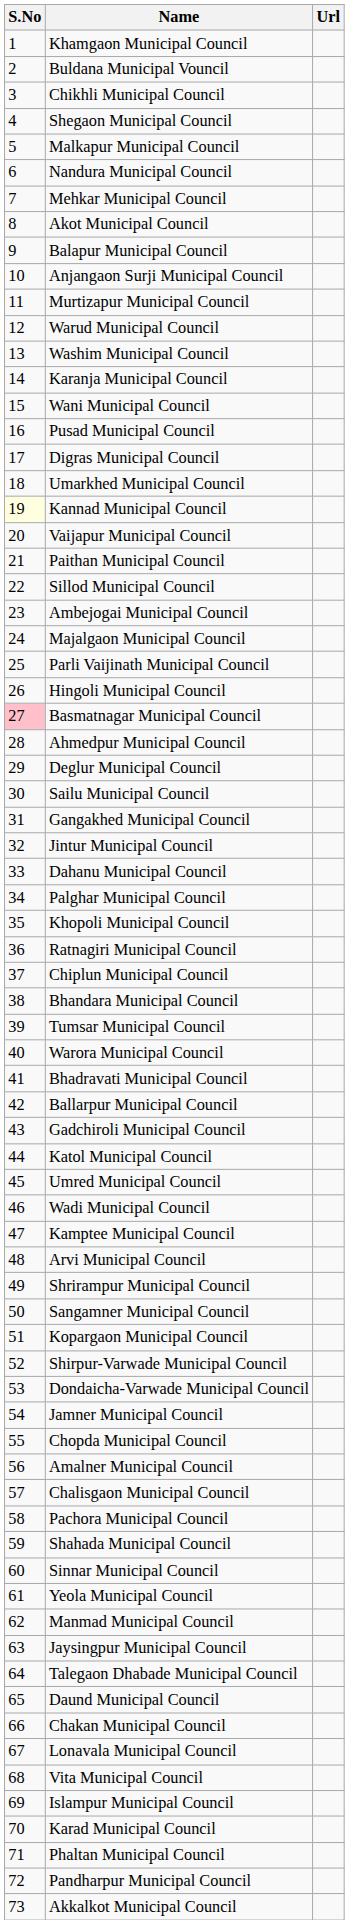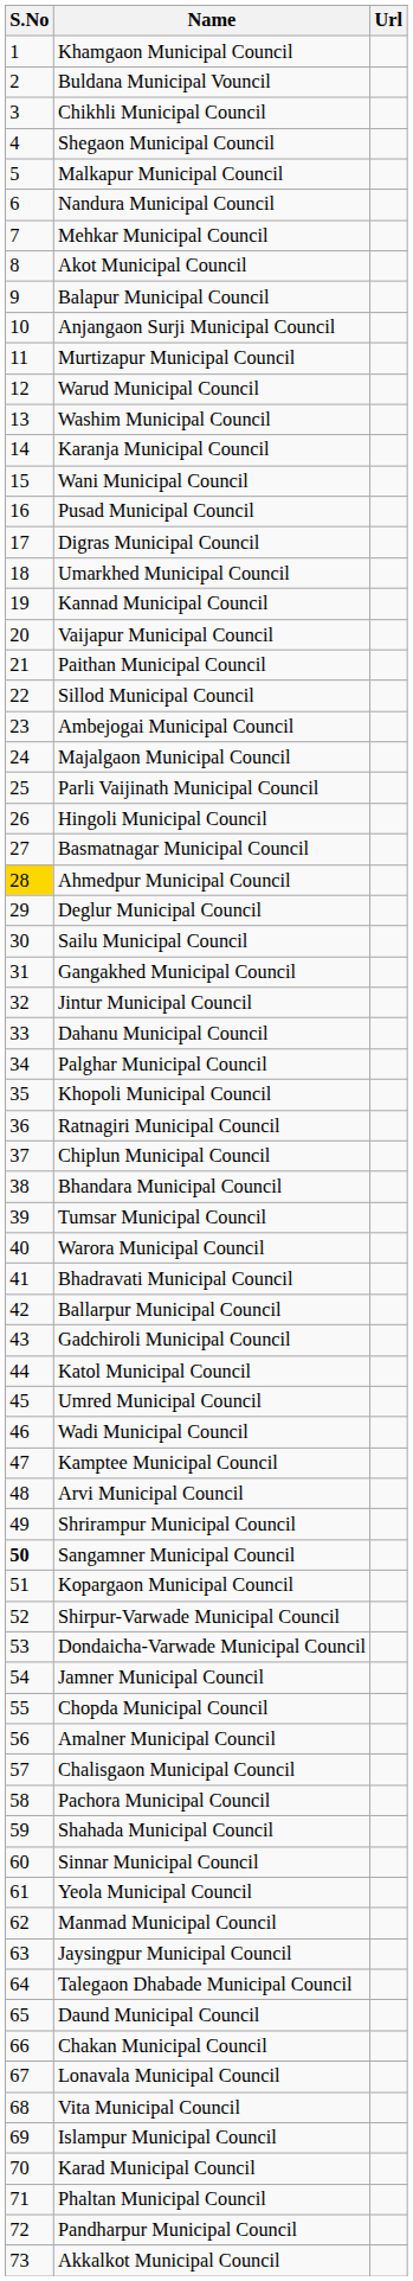 <table class="wikitable">
 <tr>
 <th>S.No</th>
 <th>Name</th>
 <th>Url</th>
 </tr>
 <tr>
 <td>1</td>
 <td>Khamgaon Municipal Council</td>
 <td></td>
 </tr>
 <tr>
 <td>2</td>
 <td>Buldana Municipal Vouncil</td>
 <td></td>
 </tr>
 <tr>
 <td>3</td>
 <td>Chikhli Municipal Council</td>
 <td></td>
 </tr>
 <tr>
 <td>4</td>
 <td>Shegaon Municipal Council</td>
 <td></td>
 </tr>
 <tr>
 <td>5</td>
 <td>Malkapur Municipal Council</td>
 <td></td>
 </tr>
 <tr>
 <td>6</td>
 <td>Nandura Municipal Council</td>
 <td></td>
 </tr>
 <tr>
 <td>7</td>
 <td>Mehkar Municipal Council</td>
 <td></td>
 </tr>
 <tr>
 <td>8</td>
 <td>Akot Municipal Council</td>
 <td></td>
 </tr>
 <tr>
 <td>9</td>
 <td>Balapur Municipal Council</td>
 <td></td>
 </tr>
 <tr>
 <td>10</td>
 <td>Anjangaon Surji Municipal Council</td>
 <td></td>
 </tr>
 <tr>
 <td>11</td>
 <td>Murtizapur Municipal Council</td>
 <td></td>
 </tr>
 <tr>
 <td>12</td>
 <td>Warud Municipal Council</td>
 <td></td>
 </tr>
 <tr>
 <td>13</td>
 <td>Washim Municipal Council</td>
 <td></td>
 </tr>
 <tr>
 <td>14</td>
 <td>Karanja Municipal Council</td>
 <td></td>
 </tr>
 <tr>
 <td>15</td>
 <td>Wani Municipal Council</td>
 <td></td>
 </tr>
 <tr>
 <td>16</td>
 <td>Pusad Municipal Council</td>
 <td></td>
 </tr>
 <tr>
 <td>17</td>
 <td>Digras Municipal Council</td>
 <td></td>
 </tr>
 <tr>
 <td>18</td>
 <td>Umarkhed Municipal Council</td>
 <td></td>
 </tr>
 <tr>
-<td style="background: lightyellow;">19</td>
+<td>19</td>
 <td>Kannad Municipal Council</td>
 <td></td>
 </tr>
 <tr>
 <td>20</td>
 <td>Vaijapur Municipal Council</td>
 <td></td>
 </tr>
 <tr>
 <td>21</td>
 <td>Paithan Municipal Council</td>
 <td></td>
 </tr>
 <tr>
 <td>22</td>
 <td>Sillod Municipal Council</td>
 <td></td>
 </tr>
 <tr>
 <td>23</td>
 <td>Ambejogai Municipal Council</td>
 <td></td>
 </tr>
 <tr>
 <td>24</td>
 <td>Majalgaon Municipal Council</td>
 <td></td>
 </tr>
 <tr>
 <td>25</td>
 <td>Parli Vaijinath Municipal Council</td>
 <td></td>
 </tr>
 <tr>
 <td>26</td>
 <td>Hingoli Municipal Council</td>
 <td></td>
 </tr>
 <tr>
-<td style="background: pink;">27</td>
+<td>27</td>
 <td>Basmatnagar Municipal Council</td>
 <td></td>
 </tr>
 <tr>
-<td>28</td>
+<td style="background: gold;">28</td>
 <td>Ahmedpur Municipal Council</td>
 <td></td>
 </tr>
 <tr>
 <td>29</td>
 <td>Deglur Municipal Council</td>
 <td></td>
 </tr>
 <tr>
 <td>30</td>
 <td>Sailu Municipal Council</td>
 <td></td>
 </tr>
 <tr>
 <td>31</td>
 <td>Gangakhed Municipal Council</td>
 <td></td>
 </tr>
 <tr>
 <td>32</td>
 <td>Jintur Municipal Council</td>
 <td></td>
 </tr>
 <tr>
 <td>33</td>
 <td>Dahanu Municipal Council</td>
 <td></td>
 </tr>
 <tr>
 <td>34</td>
 <td>Palghar Municipal Council</td>
 <td></td>
 </tr>
 <tr>
 <td>35</td>
 <td>Khopoli Municipal Council</td>
 <td></td>
 </tr>
 <tr>
 <td>36</td>
 <td>Ratnagiri Municipal Council</td>
 <td></td>
 </tr>
 <tr>
 <td>37</td>
 <td>Chiplun Municipal Council</td>
 <td></td>
 </tr>
 <tr>
 <td>38</td>
 <td>Bhandara Municipal Council</td>
 <td></td>
 </tr>
 <tr>
 <td>39</td>
 <td>Tumsar Municipal Council</td>
 <td></td>
 </tr>
 <tr>
 <td>40</td>
 <td>Warora Municipal Council</td>
 <td></td>
 </tr>
 <tr>
 <td>41</td>
 <td>Bhadravati Municipal Council</td>
 <td></td>
 </tr>
 <tr>
 <td>42</td>
 <td>Ballarpur Municipal Council</td>
 <td></td>
 </tr>
 <tr>
 <td>43</td>
 <td>Gadchiroli Municipal Council</td>
 <td></td>
 </tr>
 <tr>
 <td>44</td>
 <td>Katol Municipal Council</td>
 <td></td>
 </tr>
 <tr>
 <td>45</td>
 <td>Umred Municipal Council</td>
 <td></td>
 </tr>
 <tr>
 <td>46</td>
 <td>Wadi Municipal Council</td>
 <td></td>
 </tr>
 <tr>
 <td>47</td>
 <td>Kamptee Municipal Council</td>
 <td></td>
 </tr>
 <tr>
 <td>48</td>
 <td>Arvi Municipal Council</td>
 <td></td>
 </tr>
 <tr>
 <td>49</td>
 <td>Shrirampur Municipal Council</td>
 <td></td>
 </tr>
 <tr>
-<td>50</td>
+<td><strong>50</strong></td>
 <td>Sangamner Municipal Council</td>
 <td></td>
 </tr>
 <tr>
 <td>51</td>
 <td>Kopargaon Municipal Council</td>
 <td></td>
 </tr>
 <tr>
 <td>52</td>
 <td>Shirpur-Varwade Municipal Council</td>
 <td></td>
 </tr>
 <tr>
 <td>53</td>
 <td>Dondaicha-Varwade Municipal Council</td>
 <td></td>
 </tr>
 <tr>
 <td>54</td>
 <td>Jamner Municipal Council</td>
 <td></td>
 </tr>
 <tr>
 <td>55</td>
 <td>Chopda Municipal Council</td>
 <td></td>
 </tr>
 <tr>
 <td>56</td>
 <td>Amalner Municipal Council</td>
 <td></td>
 </tr>
 <tr>
 <td>57</td>
 <td>Chalisgaon Municipal Council</td>
 <td></td>
 </tr>
 <tr>
 <td>58</td>
 <td>Pachora Municipal Council</td>
 <td></td>
 </tr>
 <tr>
 <td>59</td>
 <td>Shahada Municipal Council</td>
 <td></td>
 </tr>
 <tr>
 <td>60</td>
 <td>Sinnar Municipal Council</td>
 <td></td>
 </tr>
 <tr>
 <td>61</td>
 <td>Yeola Municipal Council</td>
 <td></td>
 </tr>
 <tr>
 <td>62</td>
 <td>Manmad Municipal Council</td>
 <td></td>
 </tr>
 <tr>
 <td>63</td>
 <td>Jaysingpur Municipal Council</td>
 <td></td>
 </tr>
 <tr>
 <td>64</td>
 <td>Talegaon Dhabade Municipal Council</td>
 <td></td>
 </tr>
 <tr>
 <td>65</td>
 <td>Daund Municipal Council</td>
 <td></td>
 </tr>
 <tr>
 <td>66</td>
 <td>Chakan Municipal Council</td>
 <td></td>
 </tr>
 <tr>
 <td>67</td>
 <td>Lonavala Municipal Council</td>
 <td></td>
 </tr>
 <tr>
 <td>68</td>
 <td>Vita Municipal Council</td>
 <td></td>
 </tr>
 <tr>
 <td>69</td>
 <td>Islampur Municipal Council</td>
 <td></td>
 </tr>
 <tr>
 <td>70</td>
 <td>Karad Municipal Council</td>
 <td></td>
 </tr>
 <tr>
 <td>71</td>
 <td>Phaltan Municipal Council</td>
 <td></td>
 </tr>
 <tr>
 <td>72</td>
 <td>Pandharpur Municipal Council</td>
 <td></td>
 </tr>
 <tr>
 <td>73</td>
 <td>Akkalkot Municipal Council</td>
 <td></td>
 </tr>
 </table>
